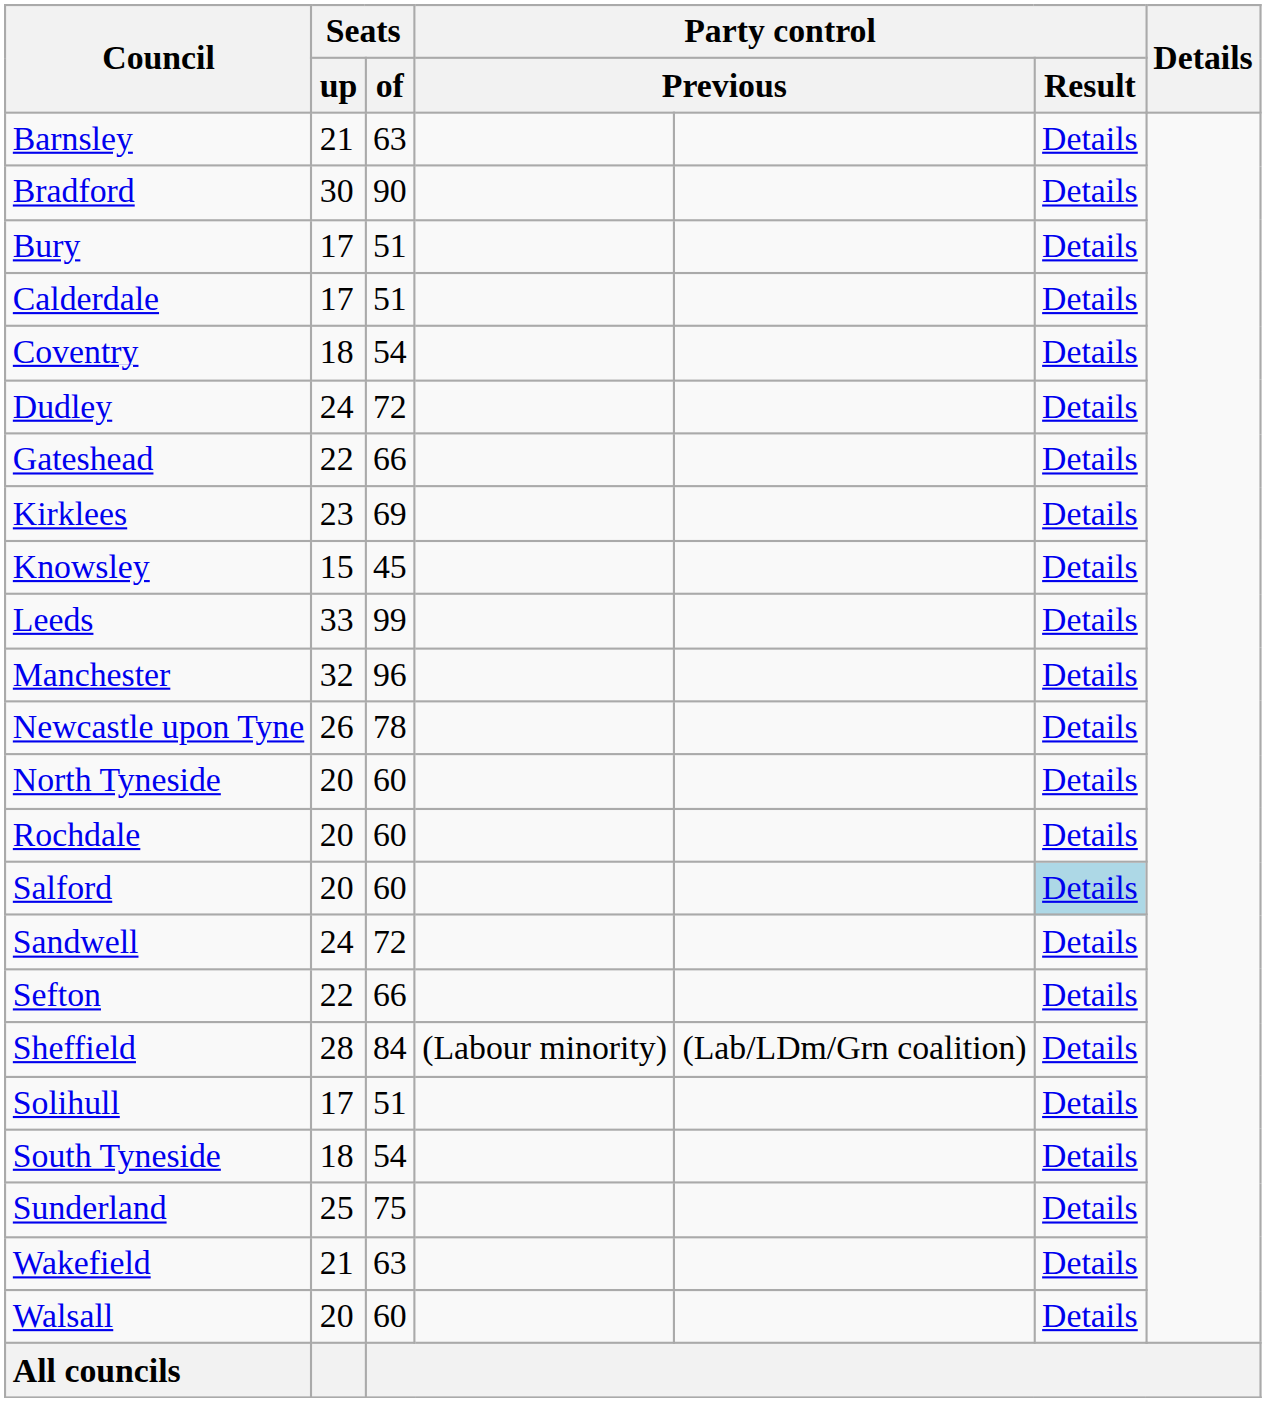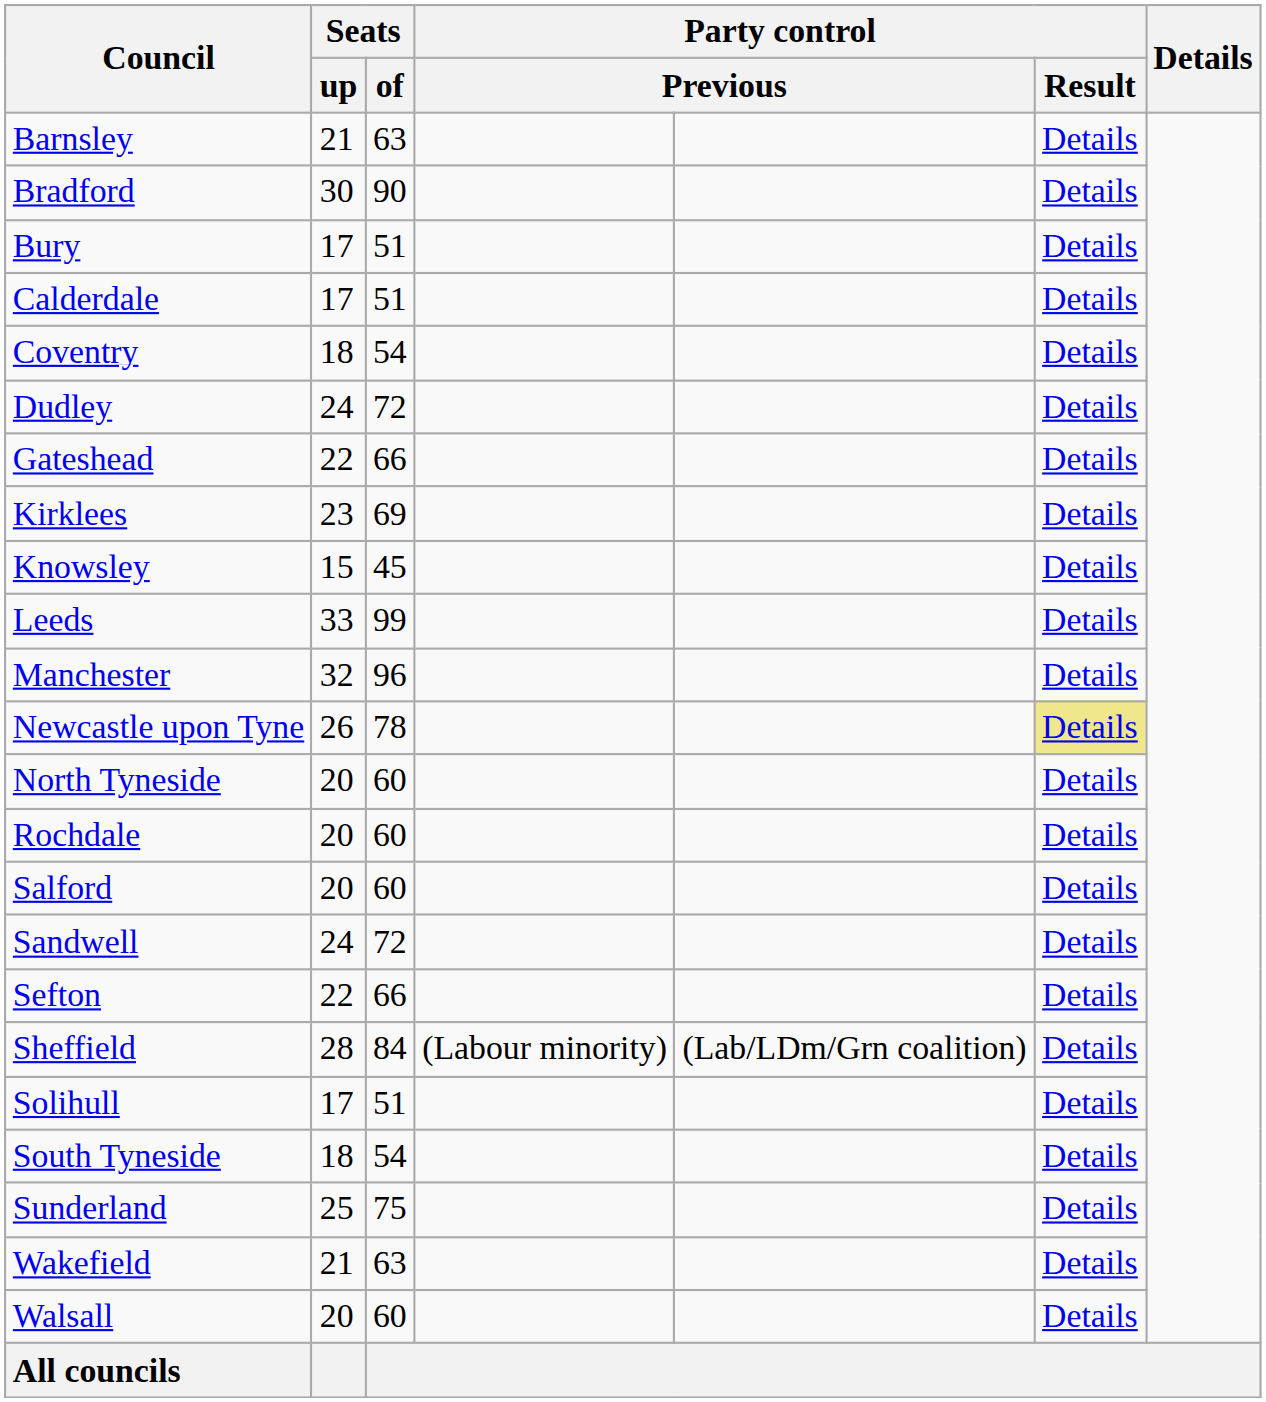 <table class="wikitable sortable">
 <tr>
 <th rowspan="2">Council</th>
 <th colspan="2">Seats</th>
 <th colspan="4">Party control</th>
 <th rowspan="2">Details</th>
 </tr>
 <tr>
 <th>up</th>
 <th>of</th>
 <th colspan="2">Previous</th>
 <th colspan="2">Result</th>
 </tr>
 <tr>
 <td><a href='#'>Barnsley</a></td>
 <td>21</td>
 <td>63</td>
 <td></td>
 <td></td>
 <td><a href='#'>Details</a></td>
 </tr>
 <tr>
 <td><a href='#'>Bradford</a></td>
 <td>30</td>
 <td>90</td>
 <td></td>
 <td></td>
 <td><a href='#'>Details</a></td>
 </tr>
 <tr>
 <td><a href='#'>Bury</a></td>
 <td>17</td>
 <td>51</td>
 <td></td>
 <td></td>
 <td><a href='#'>Details</a></td>
 </tr>
 <tr>
 <td><a href='#'>Calderdale</a></td>
 <td>17</td>
 <td>51</td>
 <td></td>
 <td></td>
 <td><a href='#'>Details</a></td>
 </tr>
 <tr>
 <td><a href='#'>Coventry</a></td>
 <td>18</td>
 <td>54</td>
 <td></td>
 <td></td>
 <td><a href='#'>Details</a></td>
 </tr>
 <tr>
 <td><a href='#'>Dudley</a></td>
 <td>24</td>
 <td>72</td>
 <td></td>
 <td></td>
 <td><a href='#'>Details</a></td>
 </tr>
 <tr>
 <td><a href='#'>Gateshead</a></td>
 <td>22</td>
 <td>66</td>
 <td></td>
 <td></td>
 <td><a href='#'>Details</a></td>
 </tr>
 <tr>
 <td><a href='#'>Kirklees</a></td>
 <td>23</td>
 <td>69</td>
 <td></td>
 <td></td>
 <td><a href='#'>Details</a></td>
 </tr>
 <tr>
 <td><a href='#'>Knowsley</a></td>
 <td>15</td>
 <td>45</td>
 <td></td>
 <td></td>
 <td><a href='#'>Details</a></td>
 </tr>
 <tr>
 <td><a href='#'>Leeds</a></td>
 <td>33</td>
 <td>99</td>
 <td></td>
 <td></td>
 <td><a href='#'>Details</a></td>
 </tr>
 <tr>
 <td><a href='#'>Manchester</a></td>
 <td>32</td>
 <td>96</td>
 <td></td>
 <td></td>
 <td><a href='#'>Details</a></td>
 </tr>
 <tr>
 <td><a href='#'>Newcastle upon Tyne</a></td>
 <td>26</td>
 <td>78</td>
 <td></td>
 <td></td>
-<td><a href='#'>Details</a></td>
+<td style="background: khaki;"><a href='#'>Details</a></td>
 </tr>
 <tr>
 <td><a href='#'>North Tyneside</a></td>
 <td>20</td>
 <td>60</td>
 <td></td>
 <td></td>
 <td><a href='#'>Details</a></td>
 </tr>
 <tr>
 <td><a href='#'>Rochdale</a></td>
 <td>20</td>
 <td>60</td>
 <td></td>
 <td></td>
 <td><a href='#'>Details</a></td>
 </tr>
 <tr>
 <td><a href='#'>Salford</a></td>
 <td>20</td>
 <td>60</td>
 <td></td>
 <td></td>
-<td style="background: lightblue;"><a href='#'>Details</a></td>
+<td><a href='#'>Details</a></td>
 </tr>
 <tr>
 <td><a href='#'>Sandwell</a></td>
 <td>24</td>
 <td>72</td>
 <td></td>
 <td></td>
 <td><a href='#'>Details</a></td>
 </tr>
 <tr>
 <td><a href='#'>Sefton</a></td>
 <td>22</td>
 <td>66</td>
 <td></td>
 <td></td>
 <td><a href='#'>Details</a></td>
 </tr>
 <tr>
 <td><a href='#'>Sheffield</a></td>
 <td>28</td>
 <td>84</td>
 <td> (Labour minority)</td>
 <td> (Lab/LDm/Grn coalition)</td>
 <td><a href='#'>Details</a></td>
 </tr>
 <tr>
 <td><a href='#'>Solihull</a></td>
 <td>17</td>
 <td>51</td>
 <td></td>
 <td></td>
 <td><a href='#'>Details</a></td>
 </tr>
 <tr>
 <td><a href='#'>South Tyneside</a></td>
 <td>18</td>
 <td>54</td>
 <td></td>
 <td></td>
 <td><a href='#'>Details</a></td>
 </tr>
 <tr>
 <td><a href='#'>Sunderland</a></td>
 <td>25</td>
 <td>75</td>
 <td></td>
 <td></td>
 <td><a href='#'>Details</a></td>
 </tr>
 <tr>
 <td><a href='#'>Wakefield</a></td>
 <td>21</td>
 <td>63</td>
 <td></td>
 <td></td>
 <td><a href='#'>Details</a></td>
 </tr>
 <tr>
 <td><a href='#'>Walsall</a></td>
 <td>20</td>
 <td>60</td>
 <td></td>
 <td></td>
 <td><a href='#'>Details</a></td>
 </tr>
 <tr>
 <th style="text-align:left;">All councils</th>
 <th></th>
 <th colspan="6"></th>
 </tr>
 <tr>
 </tr>
 </table>
